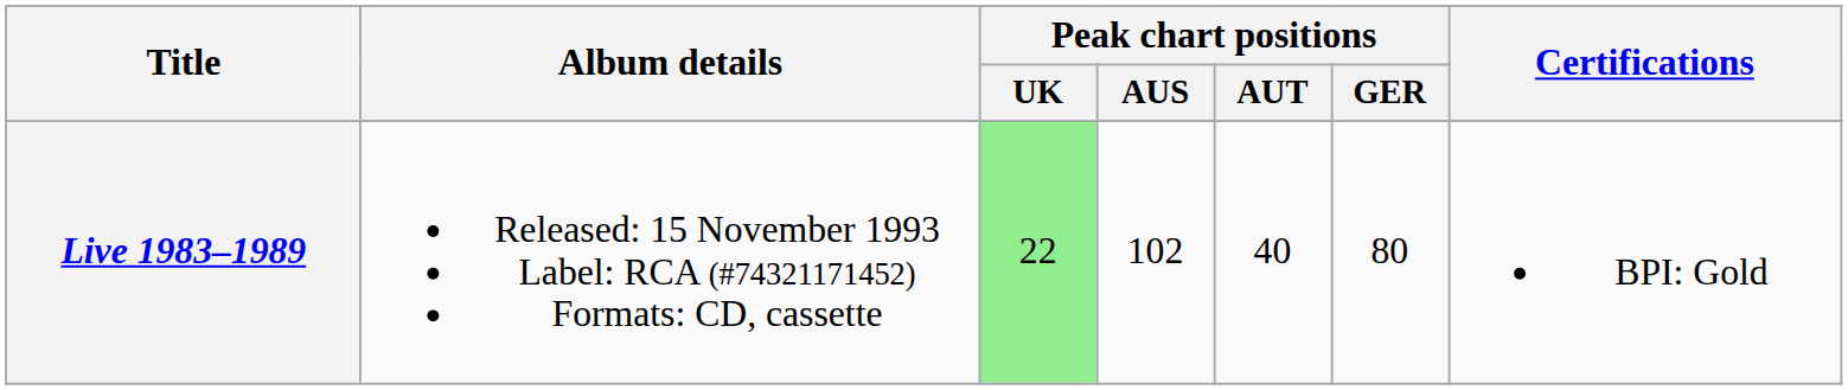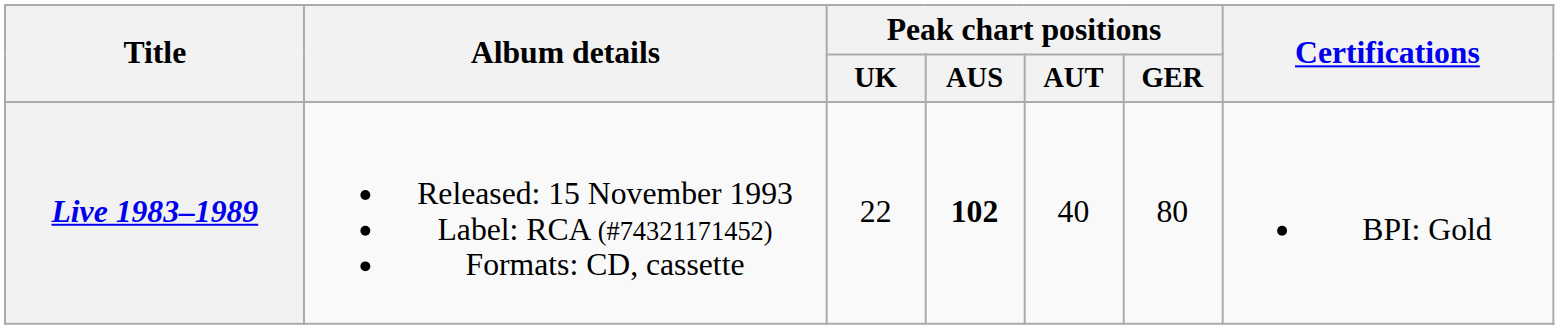 <table class="wikitable plainrowheaders" style="text-align:center;" border="1">
 <tr>
 <th scope="col" rowspan="2" style="width:9em;">Title</th>
 <th scope="col" rowspan="2" style="width:16em;">Album details</th>
 <th scope="col" colspan="4">Peak chart positions</th>
 <th scope="col" rowspan="2" style="width:10em;"><a href='#'>Certifications</a></th>
 </tr>
 <tr>
 <th scope="col" style="width:3em;font-size:90%;">UK<br></th>
 <th scope="col" style="width:3em;font-size:90%;">AUS<br></th>
 <th scope="col" style="width:3em;font-size:90%;">AUT<br></th>
 <th scope="col" style="width:3em;font-size:90%;">GER<br></th>
 </tr>
 <tr>
 <th scope="row"><em><a href='#'>Live 1983–1989</a></em></th>
 <td><br><ul><li>Released: 15 November 1993</li><li>Label: RCA <small>(#74321171452)</small></li><li>Formats: CD, cassette</li></ul></td>
-<td style="background: lightgreen;">22</td>
-<td>102</td>
+<td>22</td>
+<td><strong>102</strong></td>
 <td>40</td>
 <td>80</td>
 <td><br><ul><li>BPI: Gold</li></ul></td>
 </tr>
 </table>
